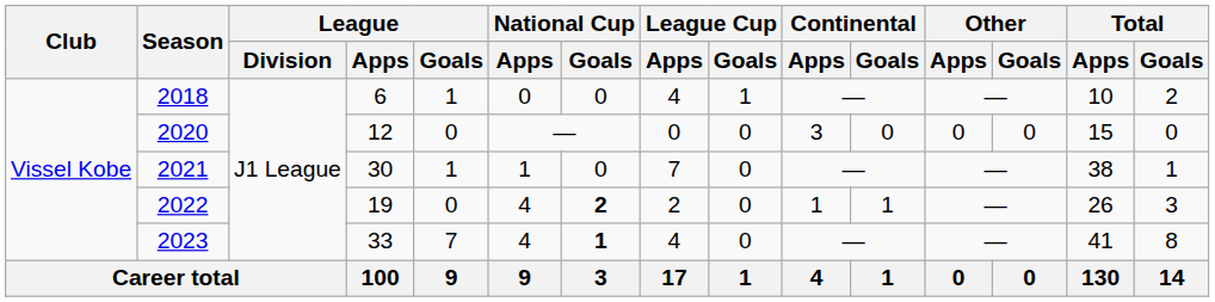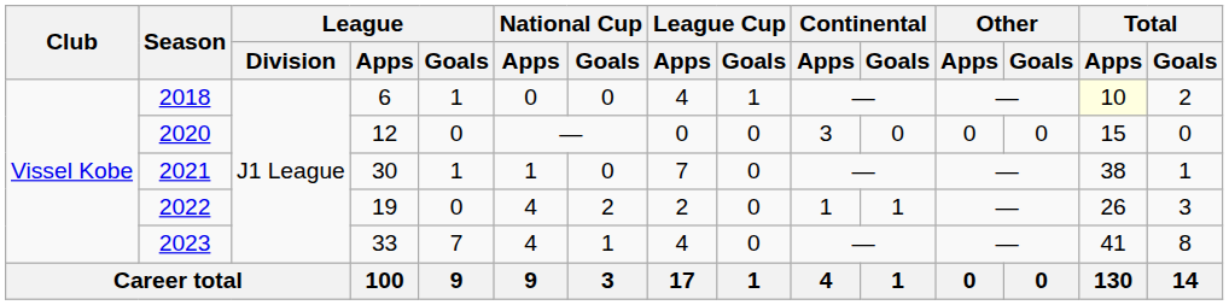 <table class="wikitable" style="text-align:center">
 <tr>
 <th rowspan=2>Club</th>
 <th rowspan=2>Season</th>
 <th colspan=3>League</th>
 <th colspan=2>National Cup</th>
 <th colspan=2>League Cup</th>
 <th colspan=2>Continental</th>
 <th colspan=2>Other</th>
 <th colspan=2>Total</th>
 </tr>
 <tr>
 <th>Division</th>
 <th>Apps</th>
 <th>Goals</th>
 <th>Apps</th>
 <th>Goals</th>
 <th>Apps</th>
 <th>Goals</th>
 <th>Apps</th>
 <th>Goals</th>
 <th>Apps</th>
 <th>Goals</th>
 <th>Apps</th>
 <th>Goals</th>
 </tr>
 <tr>
 <td rowspan="5"><a href='#'>Vissel Kobe</a></td>
 <td><a href='#'>2018</a></td>
 <td rowspan="5">J1 League</td>
 <td>6</td>
 <td>1</td>
 <td>0</td>
 <td>0</td>
 <td>4</td>
 <td>1</td>
 <td colspan="2">—</td>
 <td colspan="2">—</td>
-<td>10</td>
+<td style="background: lightyellow;">10</td>
 <td>2</td>
 </tr>
 <tr>
 <td><a href='#'>2020</a></td>
 <td>12</td>
 <td>0</td>
 <td colspan="2">—</td>
 <td>0</td>
 <td>0</td>
 <td>3</td>
 <td>0</td>
 <td>0</td>
 <td>0</td>
 <td>15</td>
 <td>0</td>
 </tr>
 <tr>
 <td><a href='#'>2021</a></td>
 <td>30</td>
 <td>1</td>
 <td>1</td>
 <td>0</td>
 <td>7</td>
 <td>0</td>
 <td colspan="2">—</td>
 <td colspan="2">—</td>
 <td>38</td>
 <td>1</td>
 </tr>
 <tr>
 <td><a href='#'>2022</a></td>
 <td>19</td>
 <td>0</td>
 <td>4</td>
-<td><strong>2</strong></td>
+<td>2</td>
 <td>2</td>
 <td>0</td>
 <td>1</td>
 <td>1</td>
 <td colspan="2">—</td>
 <td>26</td>
 <td>3</td>
 </tr>
 <tr>
 <td><a href='#'>2023</a></td>
 <td>33</td>
 <td>7</td>
 <td>4</td>
-<td><strong>1</strong></td>
+<td>1</td>
 <td>4</td>
 <td>0</td>
 <td colspan="2">—</td>
 <td colspan="2">—</td>
 <td>41</td>
 <td>8</td>
 </tr>
 <tr>
 <th colspan=3>Career total</th>
 <th>100</th>
 <th>9</th>
 <th>9</th>
 <th>3</th>
 <th>17</th>
 <th>1</th>
 <th>4</th>
 <th>1</th>
 <th>0</th>
 <th>0</th>
 <th>130</th>
 <th>14</th>
 </tr>
 </table>
